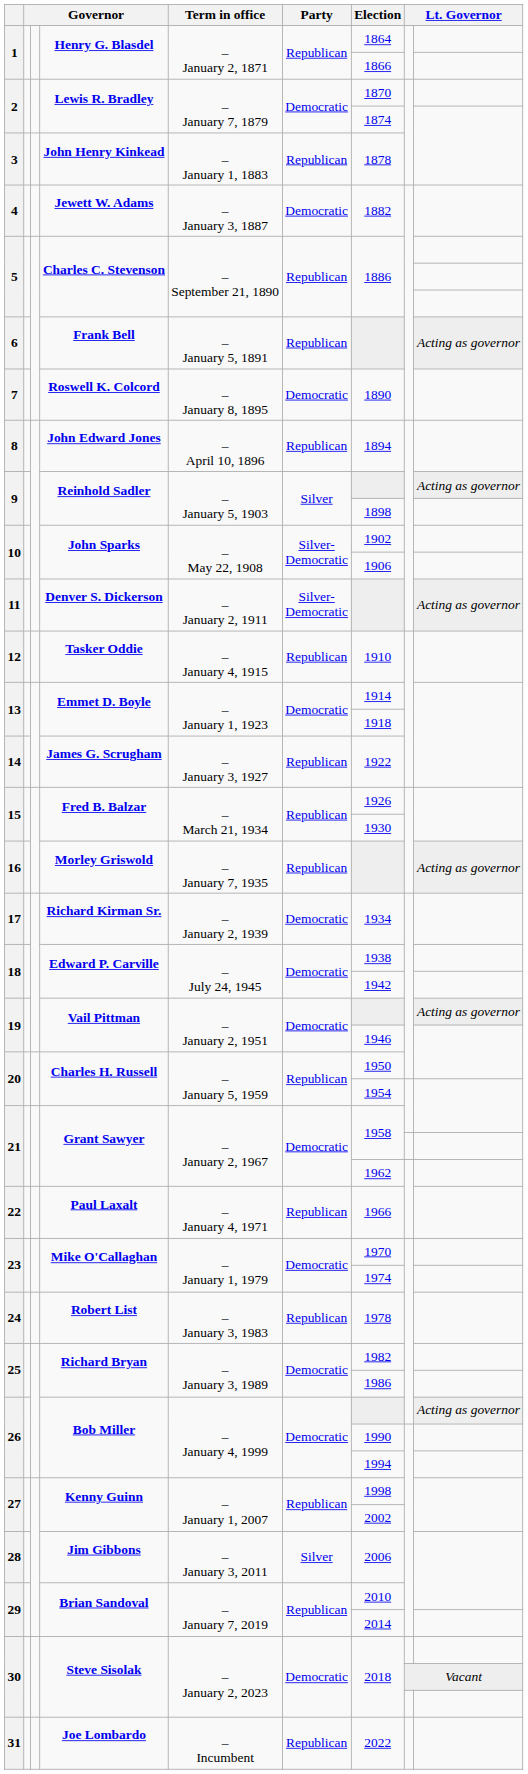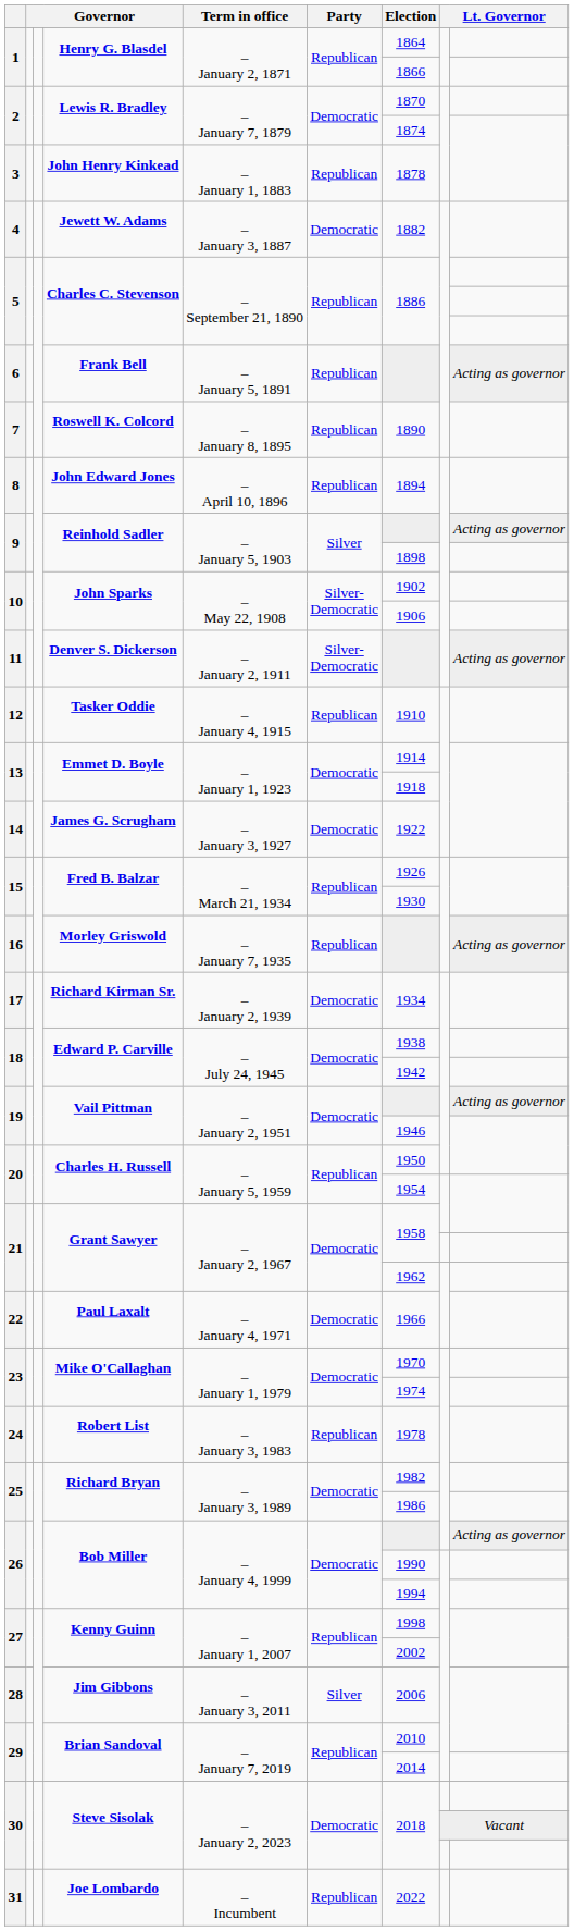 <table class="wikitable sortable mw-collapsible sticky-header-multi" style="text-align:center;">
 <tr>
 <th scope="col" data-sort-type="number"></th>
 <th scope="colgroup" colspan="3">Governor</th>
 <th scope="col">Term in office</th>
 <th scope="col">Party</th>
 <th scope="col">Election</th>
 <th scope="colgroup" colspan="2"><a href='#'>Lt. Governor</a></th>
 </tr>
 <tr style="height:2em;">
 <th rowspan="2" scope="rowgroup">1</th>
 <td rowspan="2" data-sort-value="Blasdel, Henry"></td>
 <td rowspan="2" style="background: "> </td>
 <td rowspan="2"><strong><a href='#'>Henry G. Blasdel</a></strong><br><br></td>
 <td rowspan="2"><br>–<br>January 2, 1871<br></td>
 <td rowspan="2"><a href='#'>Republican</a></td>
 <td><a href='#'>1864</a></td>
 <td rowspan="2" style="background: "> </td>
 <td></td>
 </tr>
 <tr style="height:2em;">
 <td><a href='#'>1866</a></td>
 <td></td>
 </tr>
 <tr style="height:2em;">
 <th rowspan="2" scope="rowgroup">2</th>
 <td rowspan="2" data-sort-value="Bradley, Lewis"></td>
 <td rowspan="2" style="color:inherit;background: "></td>
 <td rowspan="2"><strong><a href='#'>Lewis R. Bradley</a></strong><br><br></td>
 <td rowspan="2"><br>–<br>January 7, 1879<br></td>
 <td rowspan="2"><a href='#'>Democratic</a></td>
 <td><a href='#'>1870</a></td>
 <td rowspan="3" style="color:inherit;background: "></td>
 <td></td>
 </tr>
 <tr style="height:2em;">
 <td><a href='#'>1874</a></td>
 <td rowspan="2"></td>
 </tr>
 <tr style="height:2em;">
 <th scope="row">3</th>
 <td data-sort-value="Kinkead, John"></td>
 <td style="color:inherit;background: "></td>
 <td><strong><a href='#'>John Henry Kinkead</a></strong><br><br></td>
 <td><br>–<br>January 1, 1883<br></td>
 <td><a href='#'>Republican</a></td>
 <td><a href='#'>1878</a></td>
 </tr>
 <tr style="height:2em;">
 <th scope="row">4</th>
 <td data-sort-value="Adams, Jewett"></td>
 <td style="color:inherit;background: "></td>
 <td><strong><a href='#'>Jewett W. Adams</a></strong><br><br></td>
 <td><br>–<br>January 3, 1887<br></td>
 <td><a href='#'>Democratic</a></td>
 <td><a href='#'>1882</a></td>
 <td rowspan="6" style="color:inherit;background: "></td>
 <td></td>
 </tr>
 <tr style="height:2em;">
 <th rowspan="3" scope="rowgroup">5</th>
 <td rowspan="3" data-sort-value="Stevenson, Charles"></td>
 <td rowspan="5" style="color:inherit;background: "></td>
 <td rowspan="3"><strong><a href='#'>Charles C. Stevenson</a></strong><br><br></td>
 <td rowspan="3"><br>–<br>September 21, 1890<br></td>
 <td rowspan="3"><a href='#'>Republican</a></td>
 <td rowspan="3"><a href='#'>1886</a></td>
 <td><br></td>
 </tr>
 <tr style="height:2em;">
 <td><br></td>
 </tr>
 <tr style="height:2em;">
 <td></td>
 </tr>
 <tr style="height:2em;">
 <th scope="row">6</th>
 <td data-sort-value="Bell, Frank"></td>
 <td><strong><a href='#'>Frank Bell</a></strong><br><br></td>
 <td><br>–<br>January 5, 1891<br></td>
 <td><a href='#'>Republican</a></td>
 <td style="background:#EEEEEE;"></td>
 <td style="background:#EEEEEE;"><em>Acting as governor</em></td>
 </tr>
 <tr style="height:2em;">
 <th scope="row">7</th>
 <td data-sort-value="Colcord, Roswell"></td>
 <td><strong><a href='#'>Roswell K. Colcord</a></strong><br><br></td>
 <td><br>–<br>January 8, 1895<br></td>
-<td><a href='#'>Democratic</a></td>
+<td><a href='#'>Republican</a></td>
 <td><a href='#'>1890</a></td>
 <td></td>
 </tr>
 <tr style="height:2em;">
 <th scope="row">8</th>
 <td data-sort-value="Jones, John"></td>
 <td rowspan="6" style="color:inherit;background: "></td>
 <td><strong><a href='#'>John Edward Jones</a></strong><br><br></td>
 <td><br>–<br>April 10, 1896<br></td>
 <td><a href='#'>Republican</a></td>
 <td><a href='#'>1894</a></td>
 <td rowspan="6" style="color:inherit;background: "></td>
 <td></td>
 </tr>
 <tr style="height:2em;">
 <th rowspan="2" scope="rowgroup">9</th>
 <td rowspan="2" data-sort-value="Sadler, Reinhold"></td>
 <td rowspan="2"><strong><a href='#'>Reinhold Sadler</a></strong><br><br></td>
 <td rowspan="2"><br>–<br>January 5, 1903<br></td>
 <td rowspan="2"><a href='#'>Silver</a></td>
 <td style="background:#EEEEEE;"></td>
 <td style="background:#EEEEEE;"><em>Acting as governor</em></td>
 </tr>
 <tr style="height:2em;">
 <td><a href='#'>1898</a></td>
 <td></td>
 </tr>
 <tr style="height:2em;">
 <th rowspan="2" scope="rowgroup">10</th>
 <td rowspan="2" data-sort-value="Sparks, John"></td>
 <td rowspan="2"><strong><a href='#'>John Sparks</a></strong><br><br></td>
 <td rowspan="2"><br>–<br>May 22, 1908<br></td>
 <td rowspan="2"><a href='#'>Silver-<br>Democratic</a></td>
 <td><a href='#'>1902</a></td>
 <td></td>
 </tr>
 <tr style="height:2em;">
 <td><a href='#'>1906</a></td>
 <td></td>
 </tr>
 <tr style="height:2em;">
 <th scope="row">11</th>
 <td data-sort-value="Dickerson, Denver"></td>
 <td><strong><a href='#'>Denver S. Dickerson</a></strong><br><br></td>
 <td><br>–<br>January 2, 1911<br></td>
 <td><a href='#'>Silver-<br>Democratic</a></td>
 <td style="background:#EEEEEE;"></td>
 <td style="background:#EEEEEE;"><em>Acting as governor</em></td>
 </tr>
 <tr style="height:2em;">
 <th scope="row">12</th>
 <td data-sort-value="Oddie, Tasker"></td>
 <td style="color:inherit;background: "></td>
 <td><strong><a href='#'>Tasker Oddie</a></strong><br><br></td>
 <td><br>–<br>January 4, 1915<br></td>
 <td><a href='#'>Republican</a></td>
 <td><a href='#'>1910</a></td>
 <td rowspan="4" style="color:inherit;background: "></td>
 <td></td>
 </tr>
 <tr style="height:2em;">
 <th rowspan="2" scope="rowgroup">13</th>
 <td rowspan="2" data-sort-value="Boyle, Emmet"></td>
 <td rowspan="3" style="color:inherit;background: "></td>
 <td rowspan="2"><strong><a href='#'>Emmet D. Boyle</a></strong><br><br></td>
 <td rowspan="2"><br>–<br>January 1, 1923<br></td>
 <td rowspan="2"><a href='#'>Democratic</a></td>
 <td><a href='#'>1914</a></td>
 <td rowspan="3"></td>
 </tr>
 <tr style="height:2em;">
 <td><a href='#'>1918</a></td>
 </tr>
 <tr style="height:2em;">
 <th scope="row">14</th>
 <td data-sort-value="Scrugham, James"></td>
 <td><strong><a href='#'>James G. Scrugham</a></strong><br><br></td>
 <td><br>–<br>January 3, 1927<br></td>
-<td><a href='#'>Republican</a></td>
+<td><a href='#'>Democratic</a></td>
 <td><a href='#'>1922</a></td>
 </tr>
 <tr style="height:2em;">
 <th rowspan="2" scope="rowgroup">15</th>
 <td rowspan="2" data-sort-value="Balzar, Fred"></td>
 <td rowspan="3" style="color:inherit;background: "></td>
 <td rowspan="2"><strong><a href='#'>Fred B. Balzar</a></strong><br><br></td>
 <td rowspan="2"><br>–<br>March 21, 1934<br></td>
 <td rowspan="2"><a href='#'>Republican</a></td>
 <td><a href='#'>1926</a></td>
 <td rowspan="3" style="color:inherit;background: "></td>
 <td rowspan="2"></td>
 </tr>
 <tr style="height:2em;">
 <td><a href='#'>1930</a></td>
 </tr>
 <tr style="height:2em;">
 <th scope="row">16</th>
 <td data-sort-value="Griswold, Morley"></td>
 <td><strong><a href='#'>Morley Griswold</a></strong><br><br></td>
 <td><br>–<br>January 7, 1935<br></td>
 <td><a href='#'>Republican</a></td>
 <td style="background:#EEEEEE;"></td>
 <td style="background:#EEEEEE;"><em>Acting as governor</em></td>
 </tr>
 <tr style="height:2em;">
 <th scope="row">17</th>
 <td data-sort-value="Kirman, Richard"></td>
 <td rowspan="5" style="color:inherit;background: "></td>
 <td><strong><a href='#'>Richard Kirman Sr.</a></strong><br><br></td>
 <td><br>–<br>January 2, 1939<br></td>
 <td><a href='#'>Democratic</a></td>
 <td><a href='#'>1934</a></td>
 <td rowspan="6" style="color:inherit;background: "></td>
 <td></td>
 </tr>
 <tr style="height:2em;">
 <th rowspan="2" scope="rowgroup">18</th>
 <td rowspan="2" data-sort-value="Carville, Edward"></td>
 <td rowspan="2"><strong><a href='#'>Edward P. Carville</a></strong><br><br></td>
 <td rowspan="2"><br>–<br>July 24, 1945<br></td>
 <td rowspan="2"><a href='#'>Democratic</a></td>
 <td><a href='#'>1938</a></td>
 <td></td>
 </tr>
 <tr style="height:2em;">
 <td><a href='#'>1942</a></td>
 <td></td>
 </tr>
 <tr style="height:2em;">
 <th rowspan="2" scope="rowgroup">19</th>
 <td rowspan="2" data-sort-value="Pittman, Vail"></td>
 <td rowspan="2"><strong><a href='#'>Vail Pittman</a></strong><br><br></td>
 <td rowspan="2"><br>–<br>January 2, 1951<br></td>
 <td rowspan="2"><a href='#'>Democratic</a></td>
 <td style="background:#EEEEEE;"></td>
 <td style="background:#EEEEEE;"><em>Acting as governor</em></td>
 </tr>
 <tr style="height:2em;">
 <td><a href='#'>1946</a></td>
 <td rowspan="2"></td>
 </tr>
 <tr style="height:2em;">
 <th rowspan="2" scope="rowgroup">20</th>
 <td rowspan="2" data-sort-value="Russell, Charles"></td>
 <td rowspan="2" style="color:inherit;background: "></td>
 <td rowspan="2"><strong><a href='#'>Charles H. Russell</a></strong><br><br></td>
 <td rowspan="2"><br>–<br>January 5, 1959<br></td>
 <td rowspan="2"><a href='#'>Republican</a></td>
 <td><a href='#'>1950</a></td>
 </tr>
 <tr style="height:2em;">
 <td><a href='#'>1954</a></td>
 <td rowspan="2" style="color:inherit;background: "></td>
 <td rowspan="2"><br></td>
 </tr>
 <tr style="height:2em;">
 <th rowspan="3" scope="rowgroup">21</th>
 <td rowspan="3" data-sort-value="Sawyer, Grant"></td>
 <td rowspan="3" style="color:inherit;background: "></td>
 <td rowspan="3"><strong><a href='#'>Grant Sawyer</a></strong><br><br></td>
 <td rowspan="3"><br>–<br>January 2, 1967<br></td>
 <td rowspan="3"><a href='#'>Democratic</a></td>
 <td rowspan="2"><a href='#'>1958</a></td>
 </tr>
 <tr style="height:2em;">
 <td style="color:inherit;background: "></td>
 <td><br></td>
 </tr>
 <tr style="height:2em;">
 <td><a href='#'>1962</a></td>
 <td rowspan="2" style="color:inherit;background: "></td>
 <td></td>
 </tr>
 <tr style="height:2em;">
 <th scope="row">22</th>
 <td data-sort-value="Laxalt, Paul"></td>
 <td style="color:inherit;background: "></td>
 <td><strong><a href='#'>Paul Laxalt</a></strong><br><br></td>
 <td><br>–<br>January 4, 1971<br></td>
-<td><a href='#'>Republican</a></td>
+<td><a href='#'>Democratic</a></td>
 <td><a href='#'>1966</a></td>
 <td></td>
 </tr>
 <tr style="height:2em;">
 <th rowspan="2" scope="rowgroup">23</th>
 <td rowspan="2" data-sort-value="O'Callaghan, Mike"></td>
 <td rowspan="2" style="color:inherit;background: "></td>
 <td rowspan="2"><strong><a href='#'>Mike O'Callaghan</a></strong><br><br></td>
 <td rowspan="2"><br>–<br>January 1, 1979<br></td>
 <td rowspan="2"><a href='#'>Democratic</a></td>
 <td><a href='#'>1970</a></td>
 <td rowspan="6" style="color:inherit;background: "></td>
 <td></td>
 </tr>
 <tr style="height:2em;">
 <td><a href='#'>1974</a></td>
 <td></td>
 </tr>
 <tr style="height:2em;">
 <th scope="row">24</th>
 <td data-sort-value="List, Robert"></td>
 <td style="color:inherit;background: "></td>
 <td><strong><a href='#'>Robert List</a></strong><br><br></td>
 <td><br>–<br>January 3, 1983<br></td>
 <td><a href='#'>Republican</a></td>
 <td><a href='#'>1978</a></td>
 <td></td>
 </tr>
 <tr style="height:2em;">
 <th rowspan="2" scope="rowgroup">25</th>
 <td rowspan="2" data-sort-value="Bryan, Richard"></td>
 <td rowspan="5" style="color:inherit;background: "></td>
 <td rowspan="2"><strong><a href='#'>Richard Bryan</a></strong><br><br></td>
 <td rowspan="2"><br>–<br>January 3, 1989<br></td>
 <td rowspan="2"><a href='#'>Democratic</a></td>
 <td><a href='#'>1982</a></td>
 <td></td>
 </tr>
 <tr style="height:2em;">
 <td><a href='#'>1986</a></td>
 <td></td>
 </tr>
 <tr style="height:2em;">
 <th rowspan="3" scope="rowgroup">26</th>
 <td rowspan="3" data-sort-value="Miller, Bob"></td>
 <td rowspan="3"><strong><a href='#'>Bob Miller</a></strong><br><br></td>
 <td rowspan="3"><br>–<br>January 4, 1999<br></td>
 <td rowspan="3"><a href='#'>Democratic</a></td>
 <td style="background:#EEEEEE;"></td>
 <td style="background:#EEEEEE;"><em>Acting as governor</em></td>
 </tr>
 <tr style="height:2em;">
 <td><a href='#'>1990</a></td>
 <td rowspan="7" style="color:inherit;background: "></td>
 <td></td>
 </tr>
 <tr style="height:2em;">
 <td><a href='#'>1994</a></td>
 <td></td>
 </tr>
 <tr style="height:2em;">
 <th rowspan="2">27</th>
 <td rowspan="2" data-sort-value="Guinn, Kenny"></td>
 <td rowspan="5" style="color:inherit;background: "></td>
 <td rowspan="2"><strong><a href='#'>Kenny Guinn</a></strong><br><br></td>
 <td rowspan="2"><br>–<br>January 1, 2007<br></td>
 <td rowspan="2"><a href='#'>Republican</a></td>
 <td><a href='#'>1998</a></td>
 <td rowspan="2"></td>
 </tr>
 <tr style="height:2em;">
 <td><a href='#'>2002</a></td>
 </tr>
 <tr style="height:2em;">
 <th scope="row">28</th>
 <td data-sort-value="Gibbons, Jim"></td>
 <td><strong><a href='#'>Jim Gibbons</a></strong><br><br></td>
 <td><br>–<br>January 3, 2011<br></td>
 <td><a href='#'>Silver</a></td>
 <td><a href='#'>2006</a></td>
 <td rowspan="2"></td>
 </tr>
 <tr style="height:2em;">
 <th rowspan="2" scope="rowgroup">29</th>
 <td rowspan="2" data-sort-value="Sandoval, Brian"></td>
 <td rowspan="2"><strong><a href='#'>Brian Sandoval</a></strong><br><br></td>
 <td rowspan="2"><br>–<br>January 7, 2019<br></td>
 <td rowspan="2"><a href='#'>Republican</a></td>
 <td><a href='#'>2010</a></td>
 </tr>
 <tr style="height:2em;">
 <td><a href='#'>2014</a></td>
 <td></td>
 </tr>
 <tr style="height:2em;">
 <th rowspan="3" scope="rowgroup">30</th>
 <td rowspan="3" data-sort-value="Sisolak, Steve"></td>
 <td rowspan="3" style="color:inherit;background: "></td>
 <td rowspan="3"><strong><a href='#'>Steve Sisolak</a></strong><br><br></td>
 <td rowspan="3"><br>–<br>January 2, 2023<br></td>
 <td rowspan="3"><a href='#'>Democratic</a></td>
 <td rowspan="3"><a href='#'>2018</a></td>
 <td style="color:inherit;background: "></td>
 <td><br></td>
 </tr>
 <tr style="height:2em;">
 <td colspan="2" style="background:#EEEEEE;"><em>Vacant</em></td>
 </tr>
 <tr style="height:2em;">
 <td style="color:inherit;background: "></td>
 <td><br></td>
 </tr>
 <tr style="height:2em;">
 <th scope="row">31</th>
 <td data-sort-value="Lombardo, Joe"></td>
 <td style="color:inherit;background: "></td>
 <td><strong><a href='#'>Joe Lombardo</a></strong><br><br></td>
 <td><br>–<br>Incumbent</td>
 <td><a href='#'>Republican</a></td>
 <td><a href='#'>2022</a></td>
 <td style="color:inherit;background: "></td>
 <td></td>
 </tr>
 </table>
